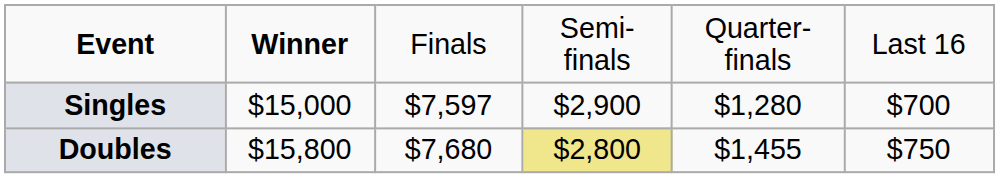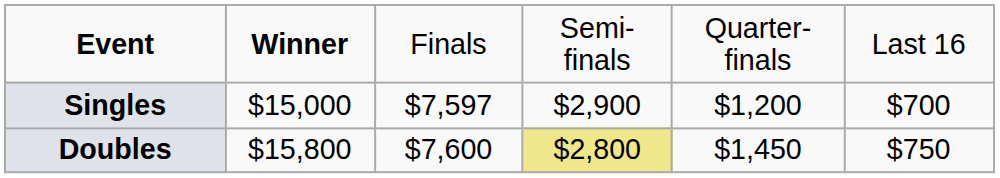 <table class=wikitable style="font-size:90%;text-align:center">
 <tr>
 <td style="width:104px;"><strong>Event</strong></td>
 <td style="width:68px;"><strong>Winner</strong></td>
 <td style="width:68px;">Finals</td>
 <td style="width:68px;">Semi-finals</td>
 <td style="width:80px;">Quarter-finals</td>
 <td style="width:68px;">Last 16</td>
 </tr>
 <tr>
 <td style="background:#dfe2e9;"><strong>Singles</strong></td>
 <td>$15,000</td>
 <td>$7,597</td>
 <td>$2,900</td>
-<td>$1,280</td>
+<td>$1,200</td>
 <td>$700</td>
 </tr>
 <tr>
 <td style="background:#dfe2e9;"><strong>Doubles</strong></td>
 <td>$15,800</td>
-<td>$7,680</td>
+<td>$7,600</td>
 <td style="background: khaki;">$2,800</td>
-<td>$1,455</td>
+<td>$1,450</td>
 <td>$750</td>
 </tr>
 </table>
